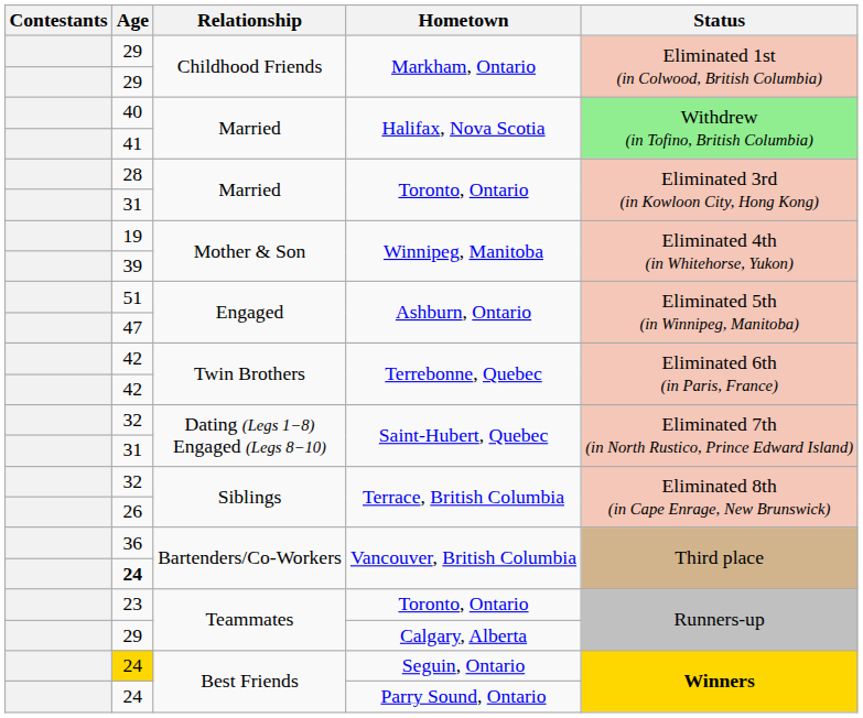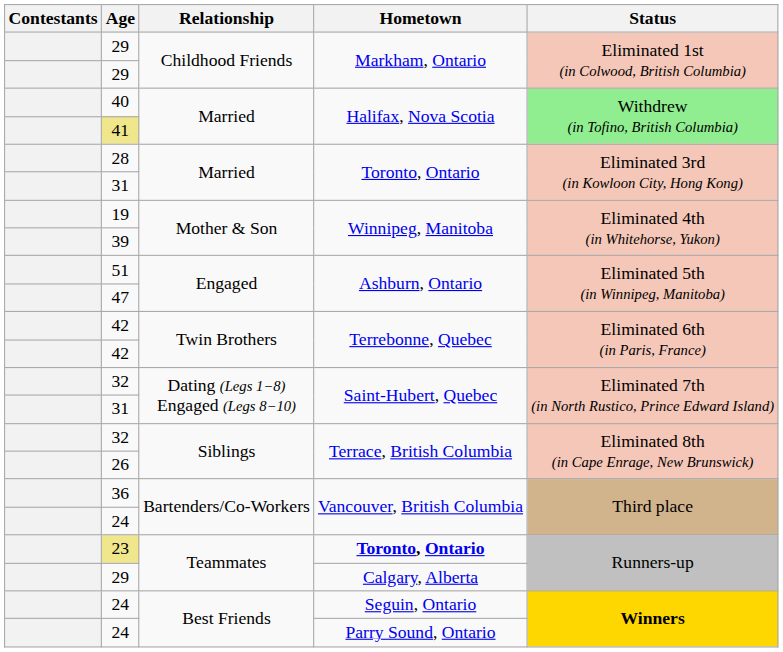 <table class="wikitable sortable" style="text-align:center;">
 <tr>
 <th scope="col">Contestants</th>
 <th scope="col">Age</th>
 <th class="unsortable" scope="col">Relationship</th>
 <th scope="col" class="unsortable">Hometown</th>
 <th scope="col">Status</th>
 </tr>
 <tr>
 <th scope="row"></th>
 <td>29</td>
 <td rowspan="2">Childhood Friends</td>
 <td rowspan="2"><a href='#'>Markham</a>, <a href='#'>Ontario</a></td>
 <td rowspan="2" bgcolor="f4c7b8">Eliminated 1st<br><small><em>(in Colwood, British Columbia)</em></small></td>
 </tr>
 <tr>
 <th scope="row"></th>
 <td>29</td>
 </tr>
 <tr>
 <th scope="row"></th>
 <td>40</td>
 <td rowspan="2">Married</td>
 <td rowspan="2"><a href='#'>Halifax</a>, <a href='#'>Nova Scotia</a></td>
 <td rowspan="2" bgcolor="lightgreen">Withdrew<br><small><em>(in Tofino, British Columbia)</em></small></td>
 </tr>
 <tr>
 <th scope="row"></th>
-<td>41</td>
+<td style="background: khaki;">41</td>
 </tr>
 <tr>
 <th scope="row"></th>
 <td>28</td>
 <td rowspan="2">Married</td>
 <td rowspan="2"><a href='#'>Toronto</a>, <a href='#'>Ontario</a></td>
 <td rowspan="2" bgcolor="f4c7b8">Eliminated 3rd<br><small><em>(in Kowloon City, Hong Kong)</em></small></td>
 </tr>
 <tr>
 <th scope="row"></th>
 <td>31</td>
 </tr>
 <tr>
 <th scope="row"></th>
 <td>19</td>
 <td rowspan="2">Mother & Son</td>
 <td rowspan="2"><a href='#'>Winnipeg</a>, <a href='#'>Manitoba</a></td>
 <td rowspan="2" bgcolor="f4c7b8">Eliminated 4th<br><small><em>(in Whitehorse, Yukon)</em></small></td>
 </tr>
 <tr>
 <th scope="row"></th>
 <td>39</td>
 </tr>
 <tr>
 <th scope="row"></th>
 <td>51</td>
 <td rowspan="2">Engaged</td>
 <td rowspan="2"><a href='#'>Ashburn</a>, <a href='#'>Ontario</a></td>
 <td rowspan="2" bgcolor="f4c7b8">Eliminated 5th<br><small><em>(in Winnipeg, Manitoba)</em></small></td>
 </tr>
 <tr>
 <th scope="row"></th>
 <td>47</td>
 </tr>
 <tr>
 <th scope="row"></th>
 <td>42</td>
 <td rowspan="2">Twin Brothers</td>
 <td rowspan="2"><a href='#'>Terrebonne</a>, <a href='#'>Quebec</a></td>
 <td rowspan="2" bgcolor="f4c7b8">Eliminated 6th<br><small><em>(in Paris, France)</em></small></td>
 </tr>
 <tr>
 <th scope="row"></th>
 <td>42</td>
 </tr>
 <tr>
 <th scope="row"></th>
 <td>32</td>
 <td rowspan="2">Dating <small><em>(Legs 1−8)</em></small><br>Engaged <small><em>(Legs 8−10)</em></small></td>
 <td rowspan="2"><a href='#'>Saint-Hubert</a>, <a href='#'>Quebec</a></td>
 <td rowspan="2" bgcolor="f4c7b8">Eliminated 7th<br><small><em>(in North Rustico, Prince Edward Island)</em></small></td>
 </tr>
 <tr>
 <th scope="row"></th>
 <td>31</td>
 </tr>
 <tr>
 <th scope="row"></th>
 <td>32</td>
 <td rowspan="2">Siblings</td>
 <td rowspan="2"><a href='#'>Terrace</a>, <a href='#'>British Columbia</a></td>
 <td rowspan="2" bgcolor="f4c7b8">Eliminated 8th<br><small><em>(in Cape Enrage, New Brunswick)</em></small></td>
 </tr>
 <tr>
 <th scope="row"></th>
 <td>26</td>
 </tr>
 <tr>
 <th scope="row"></th>
 <td>36</td>
 <td rowspan="2">Bartenders/Co-Workers</td>
 <td rowspan="2"><a href='#'>Vancouver</a>, <a href='#'>British Columbia</a></td>
 <td rowspan="2" bgcolor="tan">Third place</td>
 </tr>
 <tr>
 <th scope="row"></th>
-<td><strong>24</strong></td>
+<td>24</td>
 </tr>
 <tr>
 <th scope="row"></th>
-<td>23</td>
+<td style="background: khaki;">23</td>
 <td rowspan="2">Teammates</td>
-<td><a href='#'>Toronto</a>, <a href='#'>Ontario</a></td>
+<td><strong><a href='#'>Toronto</a>, <a href='#'>Ontario</a></strong></td>
 <td rowspan="2" bgcolor="silver">Runners-up</td>
 </tr>
 <tr>
 <th scope="row"></th>
 <td>29</td>
 <td><a href='#'>Calgary</a>, <a href='#'>Alberta</a></td>
 </tr>
 <tr>
 <th scope="row"></th>
-<td style="background: gold;">24</td>
+<td>24</td>
 <td rowspan="2">Best Friends</td>
 <td><a href='#'>Seguin</a>, <a href='#'>Ontario</a></td>
 <td rowspan="2" bgcolor="gold"><strong>Winners</strong></td>
 </tr>
 <tr>
 <th scope="row"></th>
 <td>24</td>
 <td><a href='#'>Parry Sound</a>, <a href='#'>Ontario</a></td>
 </tr>
 </table>
